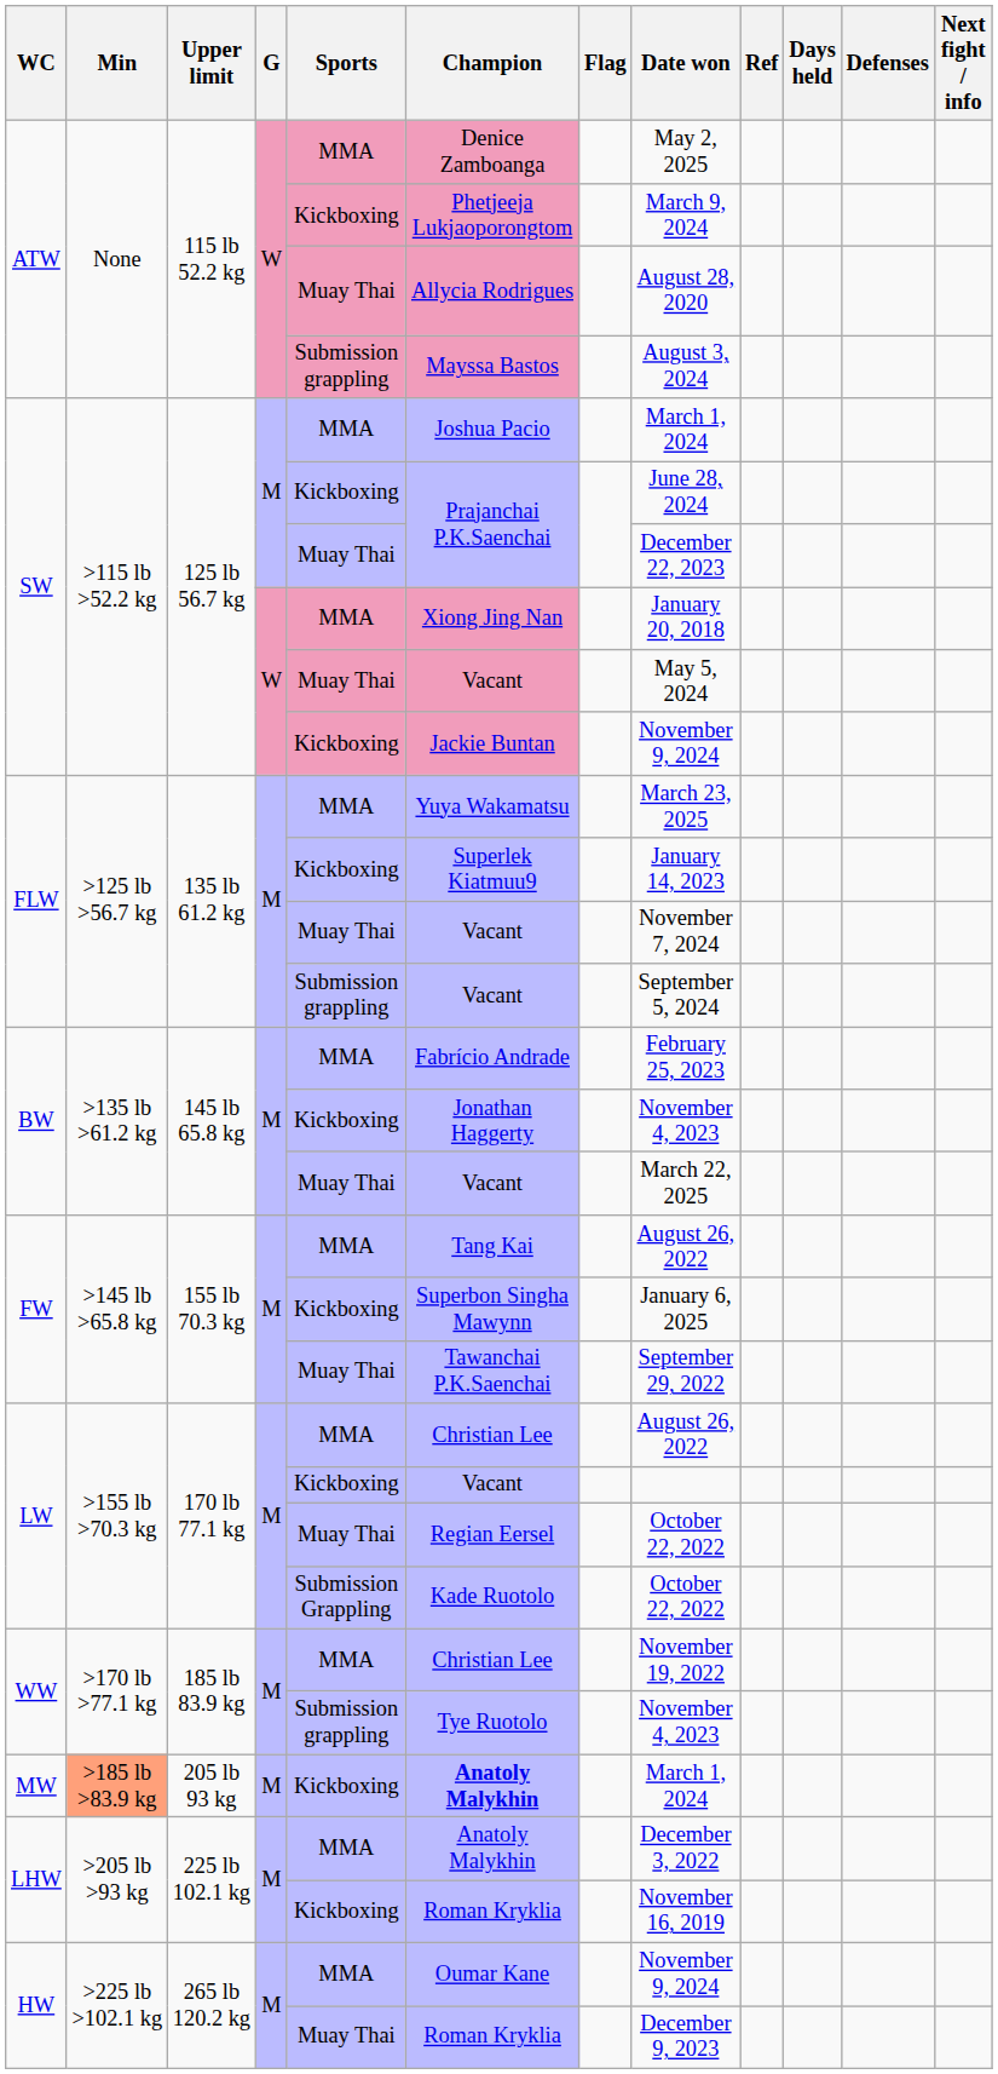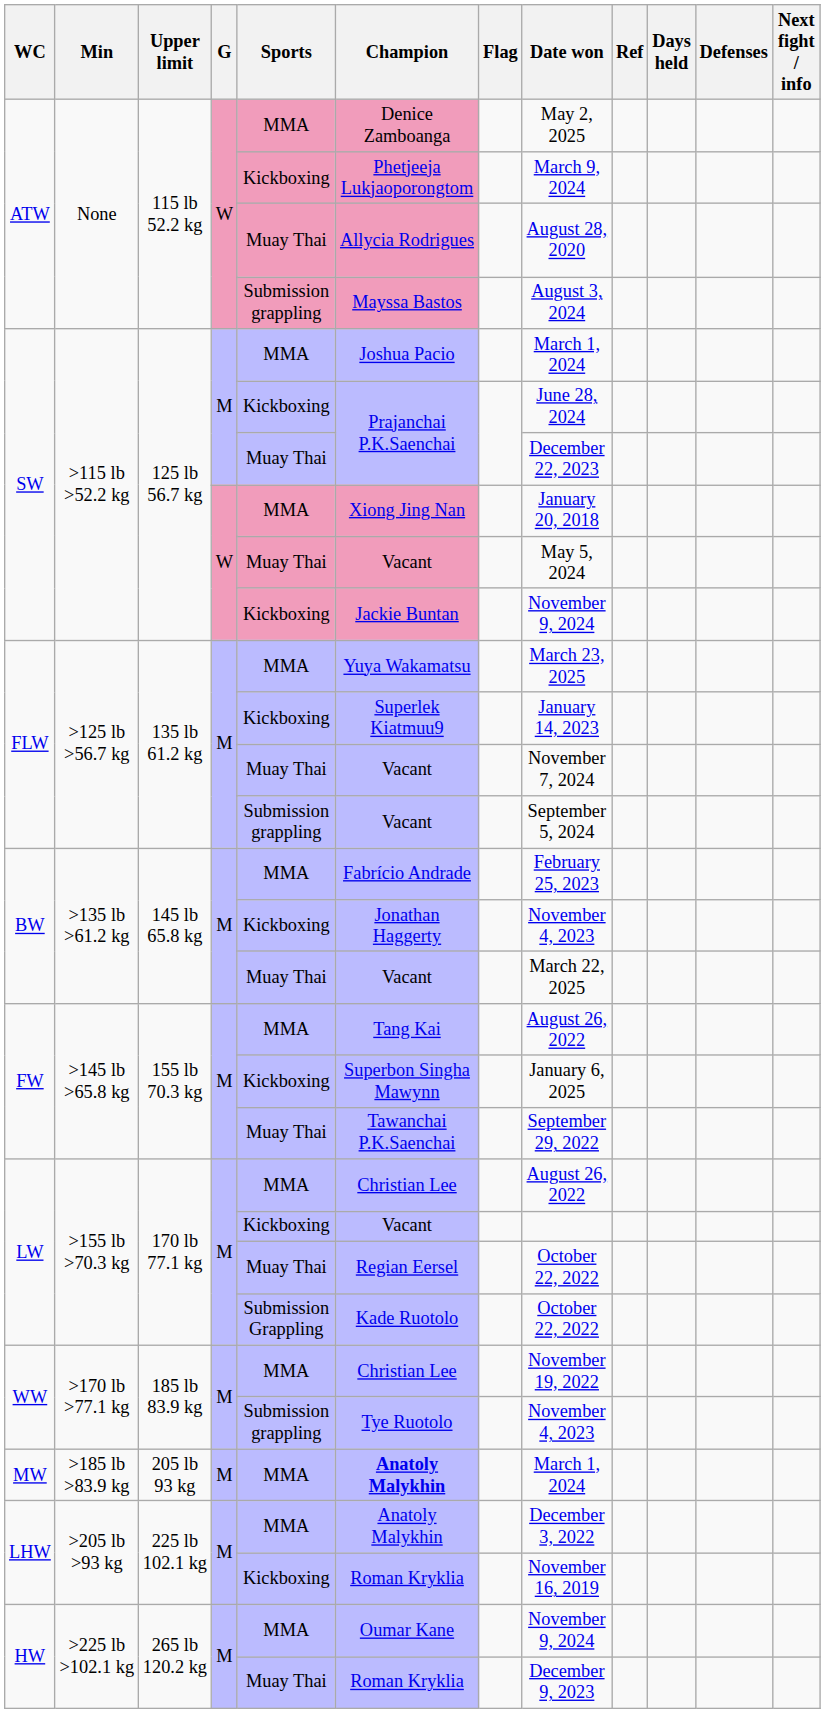 <table class="wikitable" style="font-size: 85%; width:97%">
 <tr>
 <th colspan="";! width=3%>WC</th>
 <th colspan=""! width=7%>Min</th>
 <th colspan=""! width=7%>Upper limit</th>
 <th rowspan=""!width=3%>G</th>
 <th rowspan=""!width=4%>Sports</th>
 <th rowspan=""!width=4%>Champion</th>
 <th rowspan=""!width=3%>Flag</th>
 <th rowspan=""!width=8%>Date won</th>
 <th rowspan=""!width=3%>Ref</th>
 <th rowspan=""!width=3%>Days<br>held</th>
 <th rowspan=""!width=45%>Defenses</th>
 <th rowspan=""!width=9%>Next fight / info</th>
 </tr>
 <tr style="text-align:center;">
 <td rowspan="4"><a href='#'>ATW</a></td>
 <td rowspan="4">None</td>
 <td rowspan="4">115 lb <br> 52.2 kg</td>
 <td rowspan="4" style="background:#F19CBB; ">W</td>
 <td style="background:#F19CBB; ">MMA</td>
 <td style="background:#F19CBB;">Denice Zamboanga</td>
 <td></td>
 <td>May 2, 2025</td>
 <td></td>
 <td></td>
 <td style="text-align:left;"></td>
 <td></td>
 </tr>
 <tr style="text-align:center;">
 <td style="background:#F19CBB; ">Kickboxing</td>
 <td style="background:#F19CBB;"><a href='#'>Phetjeeja Lukjaoporongtom</a></td>
 <td></td>
 <td><a href='#'>March 9, 2024</a></td>
 <td></td>
 <td></td>
 <td style="text-align:left;"></td>
 <td></td>
 </tr>
 <tr style="text-align:center;">
 <td style="background:#F19CBB;">Muay Thai</td>
 <td style="background:#F19CBB;"><a href='#'>Allycia Rodrigues</a></td>
 <td></td>
 <td><a href='#'>August 28, 2020</a></td>
 <td></td>
 <td></td>
 <td style="text-align:left;"><br><br> <br></td>
 <td></td>
 </tr>
 <tr style="text-align:center;">
 <td style="background:#F19CBB;">Submission grappling</td>
 <td style="background:#F19CBB;"><a href='#'>Mayssa Bastos</a></td>
 <td></td>
 <td><a href='#'>August 3, 2024</a></td>
 <td></td>
 <td></td>
 <td style="text-align:left;"></td>
 <td></td>
 </tr>
 <tr style="text-align:center;">
 <td rowspan=6><a href='#'>SW</a></td>
 <td rowspan=6>>115 lb <br>>52.2 kg</td>
 <td rowspan=6>125 lb <br> 56.7 kg</td>
 <td rowspan=3 style="background:#BBF; ">M</td>
 <td style="background:#BBF; ">MMA</td>
 <td style="background:#BBF; "><a href='#'>Joshua Pacio</a></td>
 <td></td>
 <td><a href='#'>March 1, 2024</a></td>
 <td></td>
 <td></td>
 <td style="text-align:left;"></td>
 <td></td>
 </tr>
 <tr style="text-align:center;">
 <td style="background:#BBF; ">Kickboxing</td>
 <td rowspan="2" style="background:#BBF; "><a href='#'>Prajanchai P.K.Saenchai</a></td>
 <td rowspan="2"></td>
 <td><a href='#'>June 28, 2024</a></td>
 <td></td>
 <td></td>
 <td style="text-align:left;"></td>
 <td></td>
 </tr>
 <tr style="text-align:center;">
 <td style="background:#BBF; ">Muay Thai</td>
 <td><a href='#'>December 22, 2023</a></td>
 <td></td>
 <td></td>
 <td style="text-align:left;"></td>
 <td></td>
 </tr>
 <tr style="text-align:center;">
 <td rowspan=3 style="background:#F19CBB;">W</td>
 <td style="background:#F19CBB;">MMA</td>
 <td style="background:#F19CBB;"><a href='#'>Xiong Jing Nan</a></td>
 <td></td>
 <td><a href='#'>January 20, 2018</a></td>
 <td></td>
 <td></td>
 <td style="text-align:left;"><br></td>
 <td></td>
 </tr>
 <tr style="text-align:center;">
 <td style="background:#F19CBB;">Muay Thai</td>
 <td style="background:#F19CBB;">Vacant</td>
 <td></td>
 <td>May 5, 2024</td>
 <td></td>
 <td></td>
 <td style="text-align:left;"></td>
 <td></td>
 </tr>
 <tr style="text-align:center;">
 <td style="background:#F19CBB;">Kickboxing</td>
 <td style="background:#F19CBB;"><a href='#'>Jackie Buntan</a></td>
 <td></td>
 <td><a href='#'>November 9, 2024</a></td>
 <td></td>
 <td></td>
 <td style="text-align:left;"></td>
 <td></td>
 </tr>
 <tr style="text-align:center;">
 <td rowspan=4><a href='#'>FLW</a></td>
 <td rowspan=4>>125 lb <br>>56.7 kg</td>
 <td rowspan=4>135 lb <br> 61.2 kg</td>
 <td rowspan=4 style="background:#BBF;">M</td>
 <td style="background:#BBF;">MMA</td>
 <td style="background:#BBF;"><a href='#'>Yuya Wakamatsu</a></td>
 <td></td>
 <td><a href='#'>March 23, 2025</a></td>
 <td></td>
 <td></td>
 <td style="text-align:left;"></td>
 <td></td>
 </tr>
 <tr style="text-align:center;">
 <td style="background:#BBF;">Kickboxing</td>
 <td style="background:#BBF;"><a href='#'>Superlek Kiatmuu9</a></td>
 <td></td>
 <td><a href='#'>January 14, 2023</a></td>
 <td></td>
 <td></td>
 <td style="text-align:left;"><br></td>
 <td></td>
 </tr>
 <tr style="text-align:center;">
 <td style="background:#BBF;">Muay Thai</td>
 <td style="background:#BBF;">Vacant</td>
 <td></td>
 <td>November 7, 2024</td>
 <td></td>
 <td></td>
 <td style="text-align:left;"></td>
 <td></td>
 </tr>
 <tr style="text-align:center;">
 <td style="background:#BBF;">Submission grappling</td>
 <td style="background:#BBF;">Vacant</td>
 <td></td>
 <td>September 5, 2024</td>
 <td></td>
 <td></td>
 <td style="text-align:left;"></td>
 <td></td>
 </tr>
 <tr style="text-align:center;">
 <td rowspan=3><a href='#'>BW</a></td>
 <td rowspan=3>>135 lb <br> >61.2 kg</td>
 <td rowspan=3>145 lb <br> 65.8 kg</td>
 <td rowspan=3 style="background:#BBF;">M</td>
 <td style="background:#BBF;">MMA</td>
 <td style="background:#BBF;"><a href='#'>Fabrício Andrade</a></td>
 <td></td>
 <td><a href='#'>February 25, 2023</a></td>
 <td></td>
 <td></td>
 <td style="text-align:left;"></td>
 <td></td>
 </tr>
 <tr style="text-align:center;">
 <td style="background:#BBF;">Kickboxing</td>
 <td style="background:#BBF;"><a href='#'>Jonathan Haggerty</a></td>
 <td></td>
 <td><a href='#'>November 4, 2023</a></td>
 <td></td>
 <td></td>
 <td style="text-align:left;"></td>
 <td></td>
 </tr>
 <tr style="text-align:center;">
 <td style="background:#BBF;">Muay Thai</td>
 <td style="background:#BBF;">Vacant</td>
 <td></td>
 <td>March 22, 2025</td>
 <td></td>
 <td></td>
 <td style="text-align:left;"></td>
 <td></td>
 </tr>
 <tr style="text-align:center;">
 <td rowspan="3"><a href='#'>FW</a></td>
 <td rowspan="3">>145 lb <br> >65.8 kg</td>
 <td rowspan="3">155 lb <br> 70.3 kg</td>
 <td rowspan="3" style="background:#BBF;">M</td>
 <td style="background:#BBF;">MMA</td>
 <td style="background:#BBF;"><a href='#'>Tang Kai</a></td>
 <td></td>
 <td><a href='#'>August 26, 2022</a></td>
 <td></td>
 <td></td>
 <td style="text-align:left;"><br></td>
 <td></td>
 </tr>
 <tr style="text-align:center;">
 <td style="background:#BBF;">Kickboxing</td>
 <td style="background:#BBF;"><a href='#'>Superbon Singha Mawynn</a></td>
 <td></td>
 <td>January 6, 2025</td>
 <td></td>
 <td></td>
 <td style="text-align:left;"></td>
 <td></td>
 </tr>
 <tr style="text-align:center;">
 <td style="background:#BBF;">Muay Thai</td>
 <td style="background:#BBF;"><a href='#'>Tawanchai P.K.Saenchai</a></td>
 <td></td>
 <td><a href='#'>September 29, 2022</a></td>
 <td></td>
 <td></td>
 <td style="text-align:left;"><br></td>
 <td></td>
 </tr>
 <tr style="text-align:center;">
 <td rowspan=4><a href='#'>LW</a></td>
 <td rowspan=4>>155 lb <br> >70.3 kg</td>
 <td rowspan=4>170 lb <br> 77.1 kg</td>
 <td rowspan=4 style="background:#BBF;">M</td>
 <td style="background:#BBF;">MMA</td>
 <td style="background:#BBF;"><a href='#'>Christian Lee</a></td>
 <td> </td>
 <td><a href='#'>August 26, 2022</a></td>
 <td></td>
 <td></td>
 <td style="text-align:left;"></td>
 <td></td>
 </tr>
 <tr style="text-align:center;">
 <td style="background:#BBF;">Kickboxing</td>
 <td style="background:#BBF;">Vacant</td>
 <td></td>
 <td></td>
 <td></td>
 <td></td>
 <td style="text-align:left;"></td>
 <td></td>
 </tr>
 <tr style="text-align:center;">
 <td style="background:#BBF;">Muay Thai</td>
 <td style="background:#BBF;"><a href='#'>Regian Eersel</a></td>
 <td></td>
 <td><a href='#'>October 22, 2022</a></td>
 <td></td>
 <td></td>
 <td style="text-align:left;"><br></td>
 <td></td>
 </tr>
 <tr style="text-align:center;">
 <td style="background:#BBF;">Submission Grappling</td>
 <td style="background:#BBF;"><a href='#'>Kade Ruotolo</a></td>
 <td></td>
 <td><a href='#'>October 22, 2022</a></td>
 <td></td>
 <td></td>
 <td style="text-align:left;"><br></td>
 <td></td>
 </tr>
 <tr style="text-align:center;">
 <td rowspan=2><a href='#'>WW</a></td>
 <td rowspan=2>>170 lb <br> >77.1 kg</td>
 <td rowspan=2>185 lb <br> 83.9 kg</td>
 <td style="background:#BBF;" rowspan=2>M</td>
 <td style="background:#BBF;">MMA</td>
 <td style="background:#BBF;"><a href='#'>Christian Lee</a></td>
 <td> </td>
 <td><a href='#'>November 19, 2022</a></td>
 <td></td>
 <td></td>
 <td style="text-align:left;"></td>
 <td></td>
 </tr>
 <tr style="text-align:center;">
 <td style="background:#BBF;">Submission grappling</td>
 <td style="background:#BBF;"><a href='#'>Tye Ruotolo</a></td>
 <td></td>
 <td><a href='#'>November 4, 2023</a></td>
 <td></td>
 <td></td>
 <td style="text-align:left;"><br></td>
 <td></td>
 </tr>
 <tr style="text-align:center;">
 <td><a href='#'>MW</a></td>
-<td style="background: lightsalmon;">>185 lb <br> >83.9 kg</td>
+<td>>185 lb <br> >83.9 kg</td>
 <td>205 lb <br> 93 kg</td>
 <td style="background:#BBF;">M</td>
-<td style="background:#BBF; ">Kickboxing</td>
+<td style="background:#BBF;">MMA</td>
 <td style="background:#BBF;"><strong><a href='#'>Anatoly Malykhin</a></strong></td>
 <td></td>
 <td><a href='#'>March 1, 2024</a></td>
 <td></td>
 <td></td>
 <td style="text-align:left;"></td>
 <td></td>
 </tr>
 <tr style="text-align:center;">
 <td rowspan=2><a href='#'>LHW</a></td>
 <td rowspan=2>>205 lb <br> >93 kg</td>
 <td rowspan=2>225 lb <br> 102.1 kg</td>
 <td rowspan=2 style="background:#BBF;">M</td>
 <td style="background:#BBF;">MMA</td>
 <td style="background:#BBF;"><a href='#'>Anatoly Malykhin</a></td>
 <td></td>
 <td><a href='#'>December 3, 2022</a></td>
 <td></td>
 <td></td>
 <td style="text-align:left;"></td>
 <td></td>
 </tr>
 <tr style="text-align:center;">
 <td style="background:#BBF;">Kickboxing</td>
 <td style="background:#BBF;"><a href='#'>Roman Kryklia</a></td>
 <td></td>
 <td><a href='#'>November 16, 2019</a></td>
 <td></td>
 <td></td>
 <td style="text-align:left;"><br></td>
 <td></td>
 </tr>
 <tr style="text-align:center;">
 <td rowspan=2><a href='#'>HW</a></td>
 <td rowspan=2>>225 lb <br> >102.1 kg</td>
 <td rowspan=2>265 lb <br> 120.2 kg</td>
 <td style="background:#BBF; " rowspan=2>M</td>
 <td style="background:#BBF; ">MMA</td>
 <td style="background:#BBF;"><a href='#'>Oumar Kane</a></td>
 <td></td>
 <td><a href='#'>November 9, 2024</a></td>
 <td></td>
 <td></td>
 <td style="text-align:left;"></td>
 <td></td>
 </tr>
 <tr style="text-align:center;">
 <td style="background:#BBF; ">Muay Thai</td>
 <td style="background:#BBF;"><a href='#'>Roman Kryklia</a></td>
 <td></td>
 <td><a href='#'>December 9, 2023</a></td>
 <td></td>
 <td></td>
 <td style="text-align:left;"></td>
 <td></td>
 </tr>
 </table>
